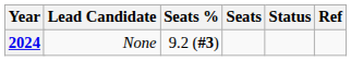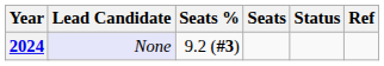 <table class="wikitable" style="text-align:right">
 <tr>
 <th colspan=2>Year</th>
 <th>Lead Candidate</th>
 <th>Seats %</th>
 <th>Seats</th>
 <th>Status</th>
 <th>Ref</th>
 </tr>
 <tr>
 <th colspan=2><a href='#'>2024</a></th>
-<td><em>None</em></td>
+<td style="background: lavender;"><em>None</em></td>
 <td>9.2 (<strong>#3</strong>)</td>
 <td></td>
 <td></td>
 <td></td>
 </tr>
 </table>
